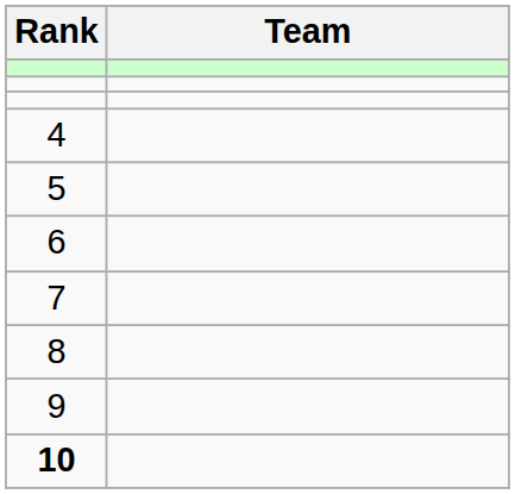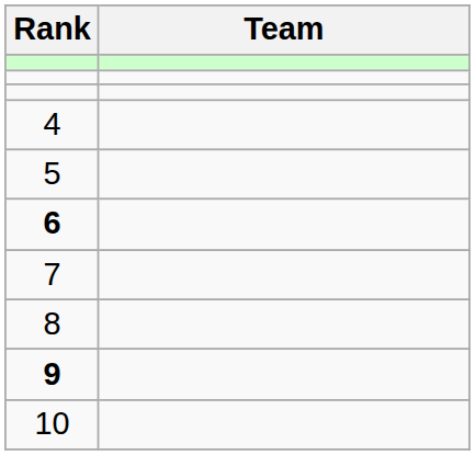 <table class="wikitable" style="text-align:center;">
 <tr>
 <th width=40>Rank</th>
 <th width=180>Team</th>
 </tr>
 <tr bgcolor=#ccffcc>
 <td></td>
 <td style="text-align:left;"></td>
 </tr>
 <tr>
 <td></td>
 <td style="text-align:left;"></td>
 </tr>
 <tr>
 <td></td>
 <td style="text-align:left;"></td>
 </tr>
 <tr>
 <td>4</td>
 <td style="text-align:left;"></td>
 </tr>
 <tr>
 <td>5</td>
 <td style="text-align:left;"></td>
 </tr>
 <tr>
-<td>6</td>
+<td><strong>6</strong></td>
 <td style="text-align:left;"></td>
 </tr>
 <tr>
 <td>7</td>
 <td style="text-align:left;"></td>
 </tr>
 <tr>
 <td>8</td>
 <td style="text-align:left;"></td>
 </tr>
 <tr>
-<td>9</td>
+<td><strong>9</strong></td>
 <td style="text-align:left;"></td>
 </tr>
 <tr>
-<td><strong>10</strong></td>
+<td>10</td>
 <td style="text-align:left;"></td>
 </tr>
 </table>
